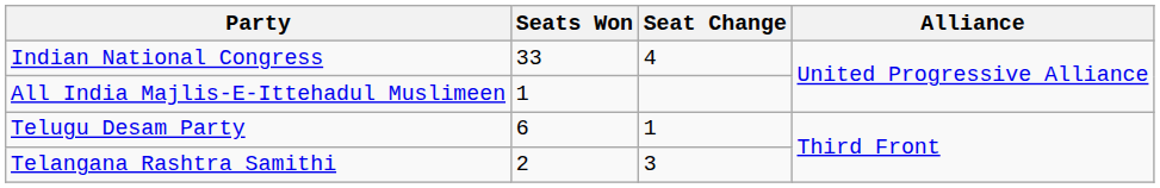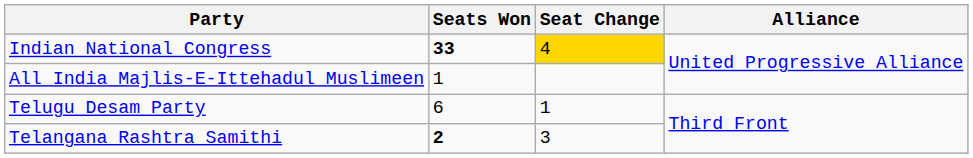 <table class="wikitable">
 <tr>
 <th>Party</th>
 <th>Seats Won</th>
 <th>Seat Change</th>
 <th>Alliance</th>
 </tr>
 <tr>
 <td><a href='#'>Indian National Congress</a></td>
-<td>33</td>
-<td>4</td>
+<td><strong>33</strong></td>
+<td style="background: gold;">4</td>
 <td rowspan=2><a href='#'>United Progressive Alliance</a></td>
 </tr>
 <tr>
 <td><a href='#'>All India Majlis-E-Ittehadul Muslimeen</a></td>
 <td>1</td>
 <td></td>
 </tr>
 <tr>
 <td><a href='#'>Telugu Desam Party</a></td>
 <td>6</td>
 <td>1</td>
 <td rowspan="2"><a href='#'>Third Front</a></td>
 </tr>
 <tr>
 <td><a href='#'>Telangana Rashtra Samithi</a></td>
-<td>2</td>
+<td><strong>2</strong></td>
 <td>3</td>
 </tr>
 </table>
